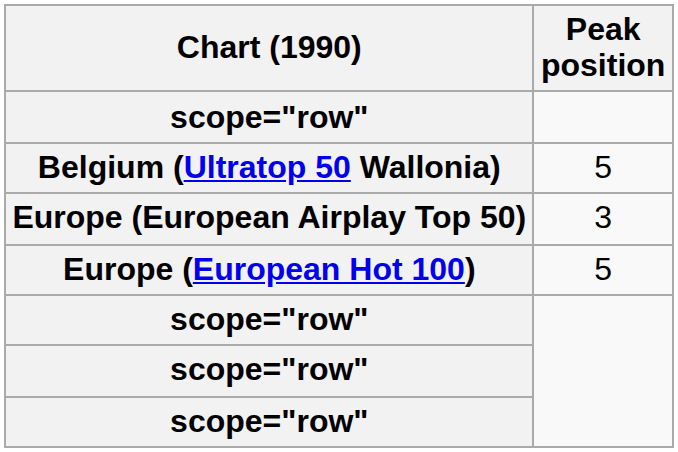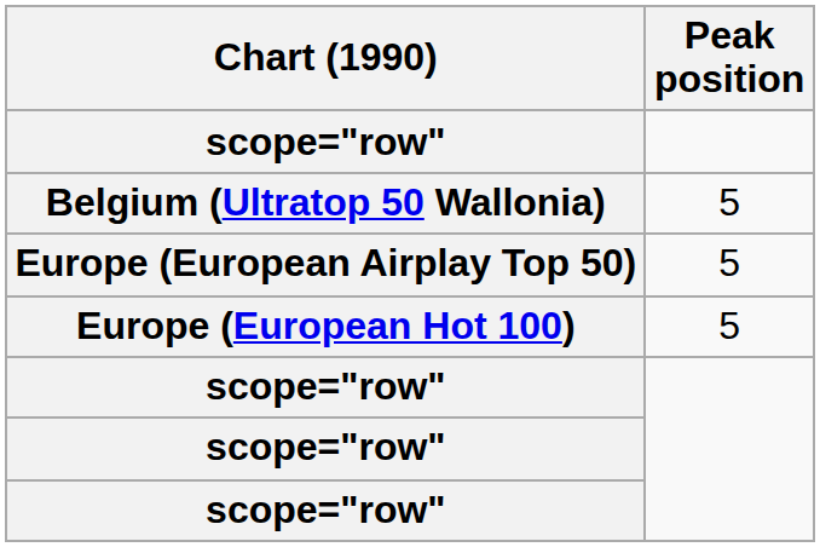 <table class="wikitable sortable plainrowheaders">
 <tr>
 <th>Chart (1990)</th>
 <th>Peak<br>position</th>
 </tr>
 <tr>
 <th>scope="row"</th>
 </tr>
 <tr>
 <th scope="row">Belgium (<a href='#'>Ultratop 50</a> Wallonia)</th>
 <td align="center">5</td>
 </tr>
 <tr>
 <th scope="row">Europe (European Airplay Top 50)</th>
-<td align="center">3</td>
+<td align="center">5</td>
 </tr>
 <tr>
 <th scope="row">Europe (<a href='#'>European Hot 100</a>)</th>
 <td align="center">5</td>
 </tr>
 <tr>
 <th>scope="row"</th>
 </tr>
 <tr>
 <th>scope="row"</th>
 </tr>
 <tr>
 <th>scope="row"</th>
 </tr>
 </table>
